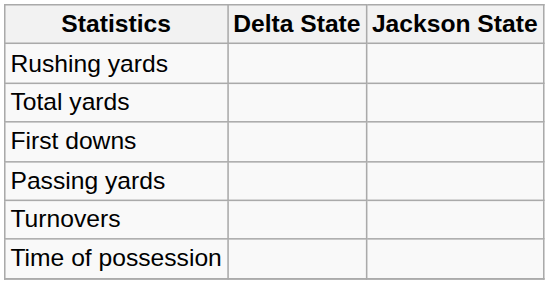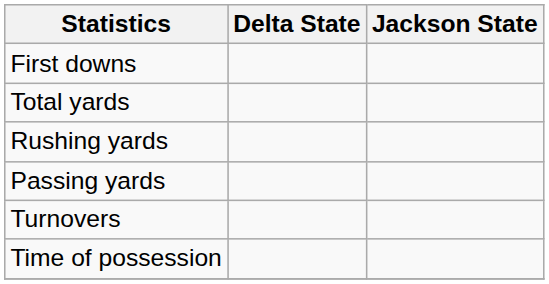 <table class="wikitable">
 <tr>
 <th>Statistics</th>
 <th>Delta State</th>
 <th>Jackson State</th>
 </tr>
 <tr>
-<td>Rushing yards</td>
+<td>First downs</td>
 <td></td>
 <td> </td>
 </tr>
 <tr>
 <td>Total yards</td>
 <td></td>
 <td> </td>
 </tr>
 <tr>
-<td>First downs</td>
+<td>Rushing yards</td>
 <td></td>
 <td> </td>
 </tr>
 <tr>
 <td>Passing yards</td>
 <td></td>
 <td> </td>
 </tr>
 <tr>
 <td>Turnovers</td>
 <td></td>
 <td> </td>
 </tr>
 <tr>
 <td>Time of possession</td>
 <td></td>
 <td> </td>
 </tr>
 <tr>
 </tr>
 </table>
